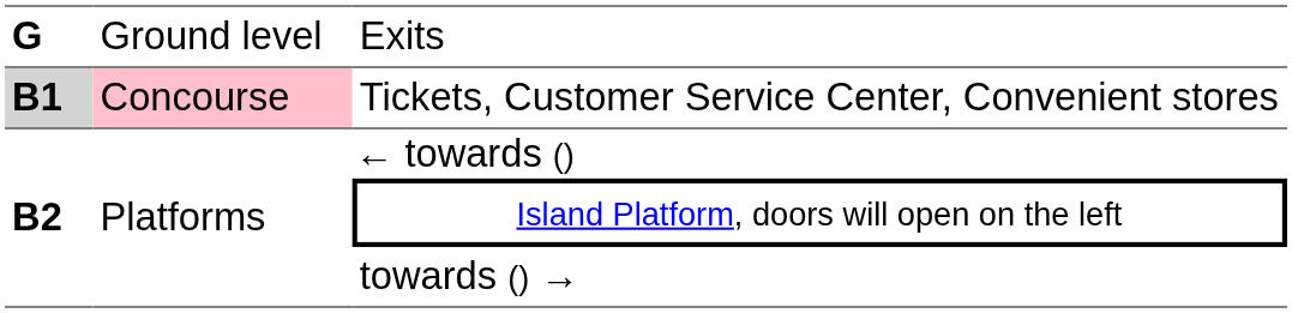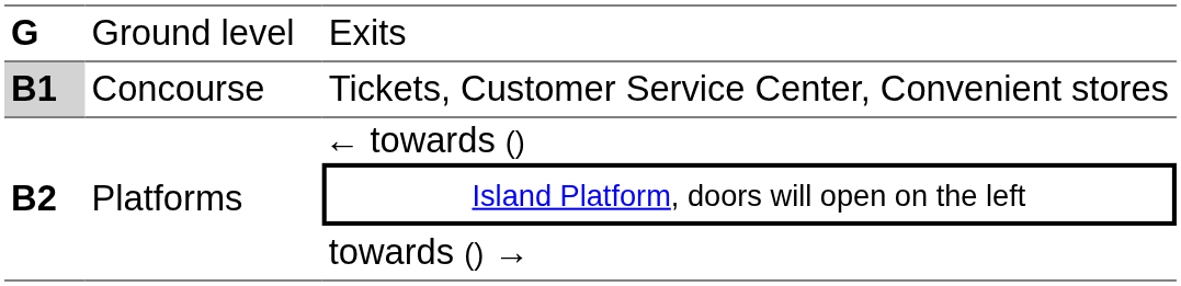 <table style="border-spacing:0;">
 <tr>
 <td style="border-bottom:solid 1px gray;border-top:solid 1px gray;width:30px;vertical-align:top;padding:3px;"><strong>G</strong></td>
 <td style="border-top:solid 1px gray;border-bottom:solid 1px gray;width:100px;vertical-align:top;padding:3px;">Ground level</td>
 <td style="border-top:solid 1px gray;border-bottom:solid 1px gray;vertical-align:top;padding:3px;">Exits</td>
 </tr>
 <tr>
 <td style="background: lightgrey; border-bottom:solid 1px gray;vertical-align:top;padding:3px;"><strong>B1</strong></td>
-<td style="background: pink; border-bottom:solid 1px gray;vertical-align:top;padding:3px;">Concourse</td>
+<td style="border-bottom:solid 1px gray;vertical-align:top;padding:3px;">Concourse</td>
 <td style="border-bottom:solid 1px gray;padding:3px;">Tickets, Customer Service Center, Convenient stores</td>
 </tr>
 <tr>
 <td style="border-bottom:solid 1px gray;padding:3px;padding:3px;" rowspan=3><strong>B2</strong></td>
 <td style="border-bottom:solid 1px gray;padding:3px;padding:3px;" rowspan=3>Platforms</td>
 <td>←  towards  <small> ()</small></td>
 </tr>
 <tr>
 <td style="border:solid 2px black;text-align:center;padding:3px;" colspan=2><small><a href='#'>Island Platform</a>, doors will open on the left</small></td>
 </tr>
 <tr>
 <td style="border-bottom:solid 1px gray;padding:3px;">  towards  <small> ()</small> →</td>
 </tr>
 </table>
